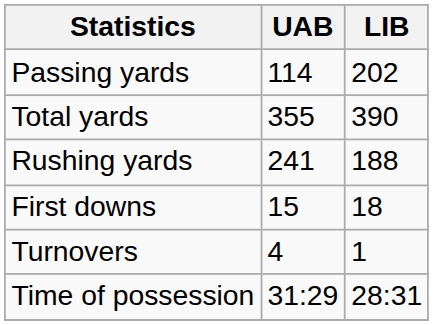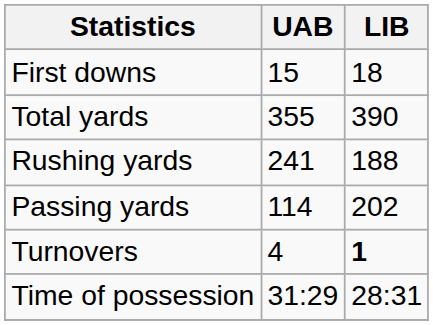 <table class="wikitable">
 <tr>
 <th>Statistics</th>
 <th>UAB</th>
 <th>LIB</th>
 </tr>
 <tr>
-<td>Passing yards</td>
-<td>114</td>
-<td>202</td>
+<td>First downs</td>
+<td>15</td>
+<td>18</td>
 </tr>
 <tr>
 <td>Total yards</td>
 <td>355</td>
 <td>390</td>
 </tr>
 <tr>
 <td>Rushing yards</td>
 <td>241</td>
 <td>188</td>
 </tr>
 <tr>
-<td>First downs</td>
-<td>15</td>
-<td>18</td>
+<td>Passing yards</td>
+<td>114</td>
+<td>202</td>
 </tr>
 <tr>
 <td>Turnovers</td>
 <td>4</td>
-<td>1</td>
+<td><strong>1</strong></td>
 </tr>
 <tr>
 <td>Time of possession</td>
 <td>31:29</td>
 <td>28:31</td>
 </tr>
 <tr>
 </tr>
 </table>
